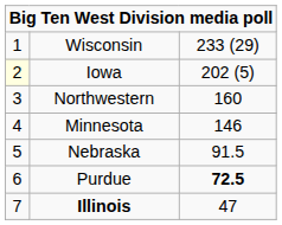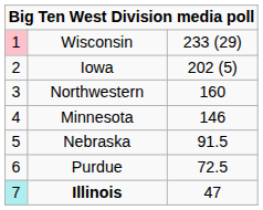 <table class="wikitable" style="display: inline-table;">
 <tr align="center">
 <td align="center" Colspan="3"><strong>Big Ten West Division media poll</strong><br></td>
 </tr>
 <tr align="center">
-<td>1</td>
+<td style="background: pink;">1</td>
 <td>Wisconsin</td>
 <td>233 (29)</td>
 </tr>
 <tr align="center">
-<td style="background: lightyellow;">2</td>
+<td>2</td>
 <td>Iowa</td>
 <td>202 (5)</td>
 </tr>
 <tr align="center">
 <td>3</td>
 <td>Northwestern</td>
 <td>160</td>
 </tr>
 <tr align="center">
 <td>4</td>
 <td>Minnesota</td>
 <td>146</td>
 </tr>
 <tr align="center">
 <td>5</td>
 <td>Nebraska</td>
 <td>91.5</td>
 </tr>
 <tr align="center">
 <td>6</td>
 <td>Purdue</td>
-<td><strong>72.5</strong></td>
+<td>72.5</td>
 </tr>
 <tr align="center">
-<td>7</td>
+<td style="background: paleturquoise;">7</td>
 <td><strong>Illinois</strong></td>
 <td>47</td>
 </tr>
 </table>
